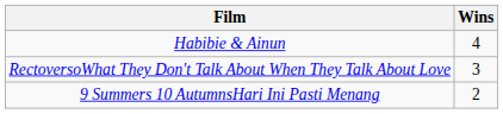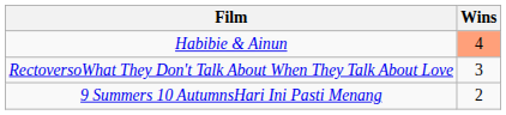 <table style="text-align: center" class="wikitable sortable">
 <tr>
 <th>Film</th>
 <th>Wins</th>
 </tr>
 <tr>
 <td><em><a href='#'>Habibie & Ainun</a></em></td>
-<td>4</td>
+<td style="background: lightsalmon;">4</td>
 </tr>
 <tr>
 <td><em><a href='#'>Rectoverso</a></em><em><a href='#'>What They Don't Talk About When They Talk About Love</a></em></td>
 <td>3</td>
 </tr>
 <tr>
 <td><em><a href='#'>9 Summers 10 Autumns</a></em><em><a href='#'>Hari Ini Pasti Menang</a></em></td>
 <td>2</td>
 </tr>
 </table>
